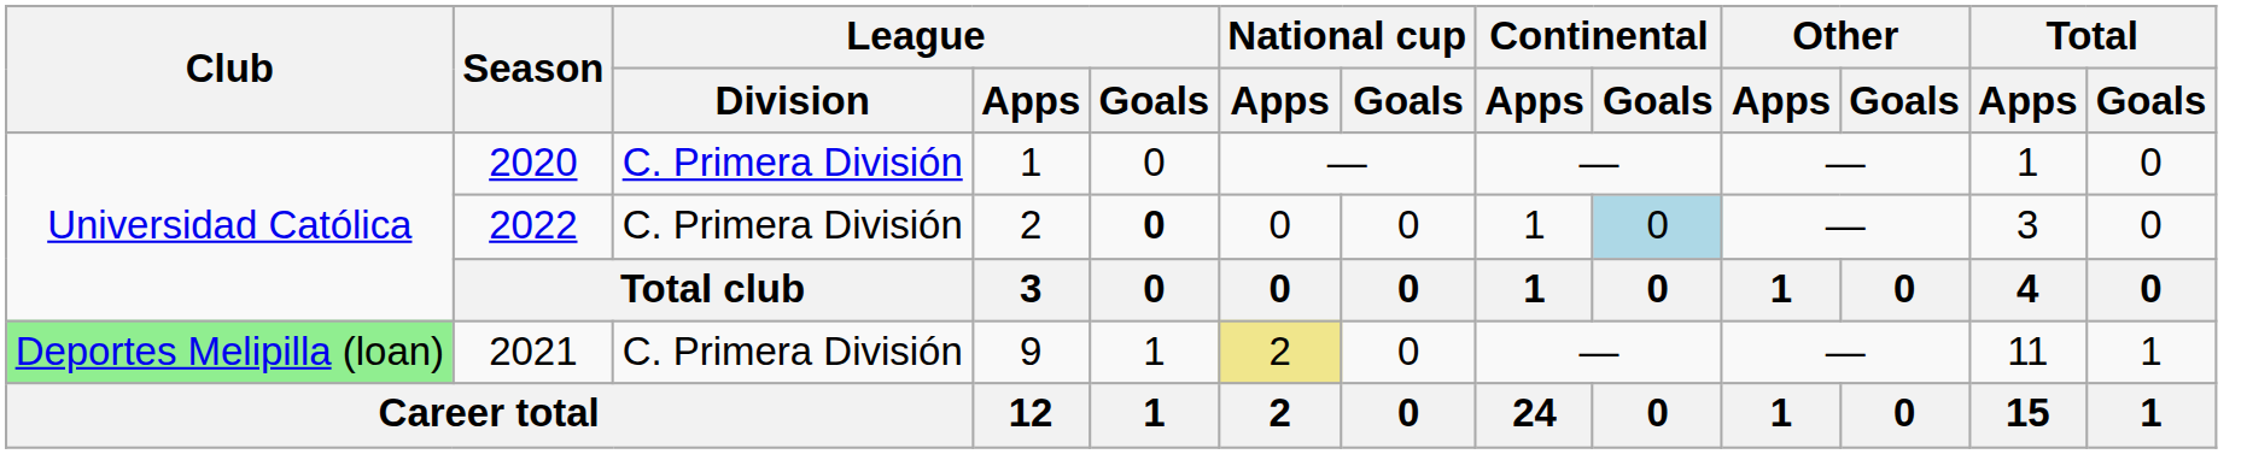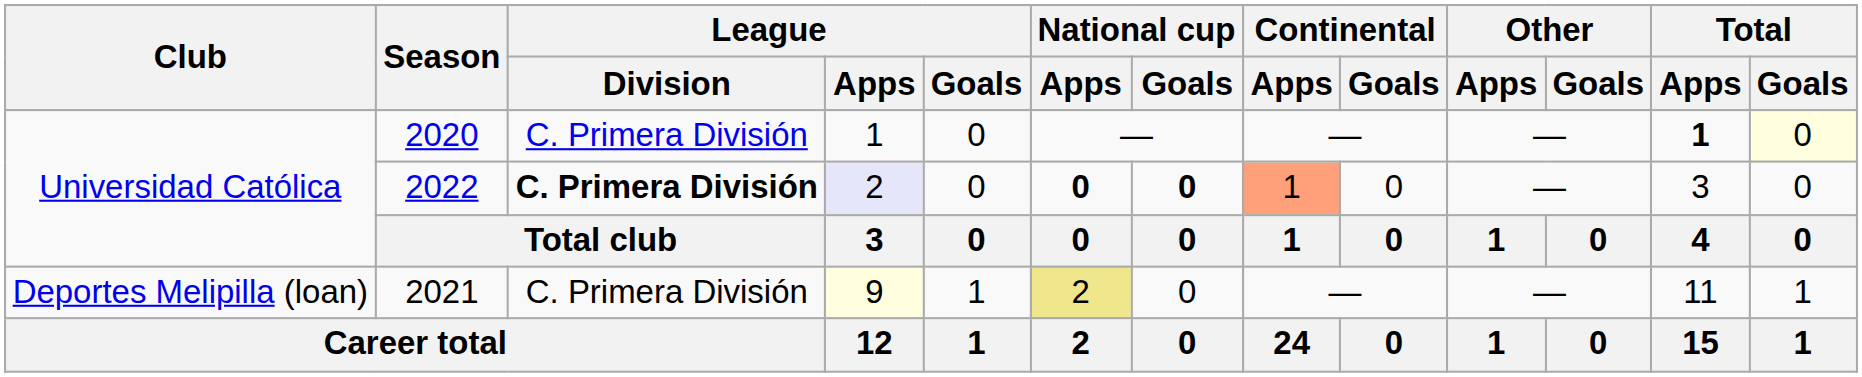 <table class="wikitable" style="text-align: center;">
 <tr>
 <th rowspan="2">Club</th>
 <th rowspan="2">Season</th>
 <th colspan="3">League</th>
 <th colspan="2">National cup</th>
 <th colspan="2">Continental</th>
 <th colspan="2">Other</th>
 <th colspan="2">Total</th>
 </tr>
 <tr>
 <th>Division</th>
 <th>Apps</th>
 <th>Goals</th>
 <th>Apps</th>
 <th>Goals</th>
 <th>Apps</th>
 <th>Goals</th>
 <th>Apps</th>
 <th>Goals</th>
 <th>Apps</th>
 <th>Goals</th>
 </tr>
 <tr>
 <td rowspan="3"><a href='#'>Universidad Católica</a></td>
 <td><a href='#'>2020</a></td>
 <td><a href='#'>C. Primera División</a></td>
 <td>1</td>
 <td>0</td>
 <td colspan="2">—</td>
 <td colspan="2">—</td>
 <td colspan="2">—</td>
-<td>1</td>
-<td>0</td>
+<td><strong>1</strong></td>
+<td style="background: lightyellow;">0</td>
 </tr>
 <tr>
 <td><a href='#'>2022</a></td>
-<td>C. Primera División</td>
-<td>2</td>
+<td><strong>C. Primera División</strong></td>
+<td style="background: lavender;">2</td>
+<td>0</td>
 <td><strong>0</strong></td>
+<td><strong>0</strong></td>
+<td style="background: lightsalmon;">1</td>
 <td>0</td>
-<td>0</td>
-<td>1</td>
-<td style="background: lightblue;">0</td>
 <td colspan="2">—</td>
 <td>3</td>
 <td>0</td>
 </tr>
 <tr>
 <th colspan="2">Total club</th>
 <th>3</th>
 <th>0</th>
 <th>0</th>
 <th>0</th>
 <th>1</th>
 <th>0</th>
 <th>1</th>
 <th>0</th>
 <th>4</th>
 <th>0</th>
 </tr>
 <tr>
-<td style="background: lightgreen;"><a href='#'>Deportes Melipilla</a> (loan)</td>
+<td><a href='#'>Deportes Melipilla</a> (loan)</td>
 <td>2021</td>
 <td>C. Primera División</td>
-<td>9</td>
+<td style="background: lightyellow;">9</td>
 <td>1</td>
 <td style="background: khaki;">2</td>
 <td>0</td>
 <td colspan="2">—</td>
 <td colspan="2">—</td>
 <td>11</td>
 <td>1</td>
 </tr>
 <tr>
 <th colspan="3">Career total</th>
 <th>12</th>
 <th>1</th>
 <th>2</th>
 <th>0</th>
 <th>24</th>
 <th>0</th>
 <th>1</th>
 <th>0</th>
 <th>15</th>
 <th>1</th>
 </tr>
 </table>
